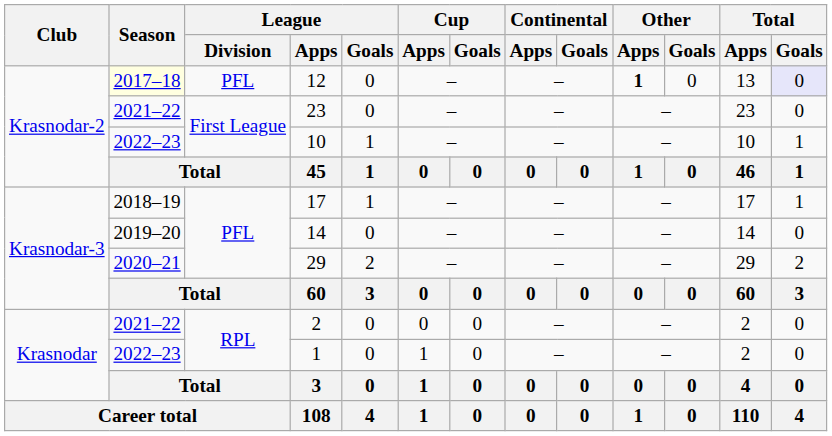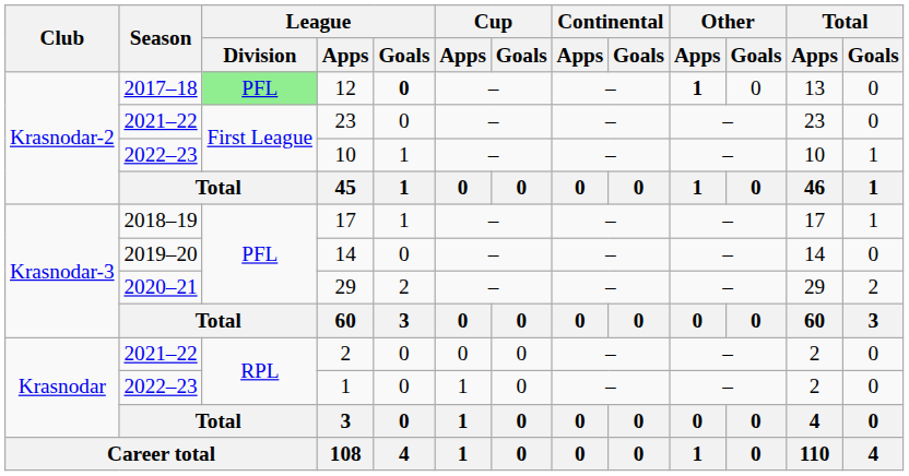 <table class="wikitable" style="text-align: center;">
 <tr>
 <th rowspan=2>Club</th>
 <th rowspan=2>Season</th>
 <th colspan=3>League</th>
 <th colspan=2>Cup</th>
 <th colspan=2>Continental</th>
 <th colspan=2>Other</th>
 <th colspan=2>Total</th>
 </tr>
 <tr>
 <th>Division</th>
 <th>Apps</th>
 <th>Goals</th>
 <th>Apps</th>
 <th>Goals</th>
 <th>Apps</th>
 <th>Goals</th>
 <th>Apps</th>
 <th>Goals</th>
 <th>Apps</th>
 <th>Goals</th>
 </tr>
 <tr>
 <td rowspan="4"><a href='#'>Krasnodar-2</a></td>
-<td style="background: lightyellow;"><a href='#'>2017–18</a></td>
-<td><a href='#'>PFL</a></td>
+<td><a href='#'>2017–18</a></td>
+<td style="background: lightgreen;"><a href='#'>PFL</a></td>
 <td>12</td>
-<td>0</td>
+<td><strong>0</strong></td>
 <td colspan=2>–</td>
 <td colspan=2>–</td>
 <td><strong>1</strong></td>
 <td>0</td>
 <td>13</td>
-<td style="background: lavender;">0</td>
+<td>0</td>
 </tr>
 <tr>
 <td><a href='#'>2021–22</a></td>
 <td rowspan="2"><a href='#'>First League</a></td>
 <td>23</td>
 <td>0</td>
 <td colspan=2>–</td>
 <td colspan=2>–</td>
 <td colspan=2>–</td>
 <td>23</td>
 <td>0</td>
 </tr>
 <tr>
 <td><a href='#'>2022–23</a></td>
 <td>10</td>
 <td>1</td>
 <td colspan=2>–</td>
 <td colspan=2>–</td>
 <td colspan=2>–</td>
 <td>10</td>
 <td>1</td>
 </tr>
 <tr>
 <th colspan=2>Total</th>
 <th>45</th>
 <th>1</th>
 <th>0</th>
 <th>0</th>
 <th>0</th>
 <th>0</th>
 <th>1</th>
 <th>0</th>
 <th>46</th>
 <th>1</th>
 </tr>
 <tr>
 <td rowspan="4"><a href='#'>Krasnodar-3</a></td>
 <td>2018–19</td>
 <td rowspan="3"><a href='#'>PFL</a></td>
 <td>17</td>
 <td>1</td>
 <td colspan=2>–</td>
 <td colspan=2>–</td>
 <td colspan=2>–</td>
 <td>17</td>
 <td>1</td>
 </tr>
 <tr>
 <td>2019–20</td>
 <td>14</td>
 <td>0</td>
 <td colspan=2>–</td>
 <td colspan=2>–</td>
 <td colspan=2>–</td>
 <td>14</td>
 <td>0</td>
 </tr>
 <tr>
 <td><a href='#'>2020–21</a></td>
 <td>29</td>
 <td>2</td>
 <td colspan=2>–</td>
 <td colspan=2>–</td>
 <td colspan=2>–</td>
 <td>29</td>
 <td>2</td>
 </tr>
 <tr>
 <th colspan=2>Total</th>
 <th>60</th>
 <th>3</th>
 <th>0</th>
 <th>0</th>
 <th>0</th>
 <th>0</th>
 <th>0</th>
 <th>0</th>
 <th>60</th>
 <th>3</th>
 </tr>
 <tr>
 <td rowspan="3"><a href='#'>Krasnodar</a></td>
 <td><a href='#'>2021–22</a></td>
 <td rowspan=2><a href='#'>RPL</a></td>
 <td>2</td>
 <td>0</td>
 <td>0</td>
 <td>0</td>
 <td colspan=2>–</td>
 <td colspan=2>–</td>
 <td>2</td>
 <td>0</td>
 </tr>
 <tr>
 <td><a href='#'>2022–23</a></td>
 <td>1</td>
 <td>0</td>
 <td>1</td>
 <td>0</td>
 <td colspan=2>–</td>
 <td colspan=2>–</td>
 <td>2</td>
 <td>0</td>
 </tr>
 <tr>
 <th colspan=2>Total</th>
 <th>3</th>
 <th>0</th>
 <th>1</th>
 <th>0</th>
 <th>0</th>
 <th>0</th>
 <th>0</th>
 <th>0</th>
 <th>4</th>
 <th>0</th>
 </tr>
 <tr>
 <th colspan=3>Career total</th>
 <th>108</th>
 <th>4</th>
 <th>1</th>
 <th>0</th>
 <th>0</th>
 <th>0</th>
 <th>1</th>
 <th>0</th>
 <th>110</th>
 <th>4</th>
 </tr>
 </table>
